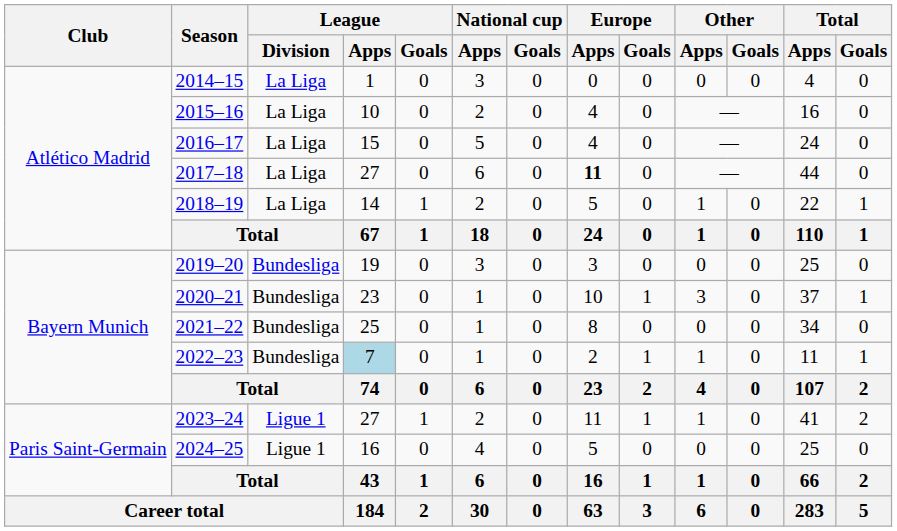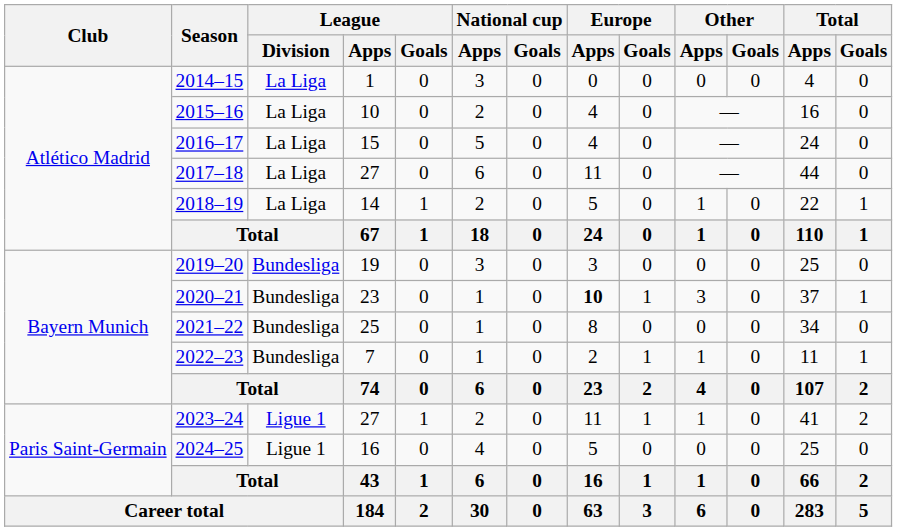 <table class="wikitable" style="text-align:center">
 <tr>
 <th rowspan="2">Club</th>
 <th rowspan="2">Season</th>
 <th colspan="3">League</th>
 <th colspan="2">National cup</th>
 <th colspan="2">Europe</th>
 <th colspan="2">Other</th>
 <th colspan="2">Total</th>
 </tr>
 <tr>
 <th>Division</th>
 <th>Apps</th>
 <th>Goals</th>
 <th>Apps</th>
 <th>Goals</th>
 <th>Apps</th>
 <th>Goals</th>
 <th>Apps</th>
 <th>Goals</th>
 <th>Apps</th>
 <th>Goals</th>
 </tr>
 <tr>
 <td rowspan="6"><a href='#'>Atlético Madrid</a></td>
 <td><a href='#'>2014–15</a></td>
 <td><a href='#'>La Liga</a></td>
 <td>1</td>
 <td>0</td>
 <td>3</td>
 <td>0</td>
 <td>0</td>
 <td>0</td>
 <td>0</td>
 <td>0</td>
 <td>4</td>
 <td>0</td>
 </tr>
 <tr>
 <td><a href='#'>2015–16</a></td>
 <td>La Liga</td>
 <td>10</td>
 <td>0</td>
 <td>2</td>
 <td>0</td>
 <td>4</td>
 <td>0</td>
 <td colspan="2">—</td>
 <td>16</td>
 <td>0</td>
 </tr>
 <tr>
 <td><a href='#'>2016–17</a></td>
 <td>La Liga</td>
 <td>15</td>
 <td>0</td>
 <td>5</td>
 <td>0</td>
 <td>4</td>
 <td>0</td>
 <td colspan="2">—</td>
 <td>24</td>
 <td>0</td>
 </tr>
 <tr>
 <td><a href='#'>2017–18</a></td>
 <td>La Liga</td>
 <td>27</td>
 <td>0</td>
 <td>6</td>
 <td>0</td>
-<td><strong>11</strong></td>
+<td>11</td>
 <td>0</td>
 <td colspan="2">—</td>
 <td>44</td>
 <td>0</td>
 </tr>
 <tr>
 <td><a href='#'>2018–19</a></td>
 <td>La Liga</td>
 <td>14</td>
 <td>1</td>
 <td>2</td>
 <td>0</td>
 <td>5</td>
 <td>0</td>
 <td>1</td>
 <td>0</td>
 <td>22</td>
 <td>1</td>
 </tr>
 <tr>
 <th colspan="2">Total</th>
 <th>67</th>
 <th>1</th>
 <th>18</th>
 <th>0</th>
 <th>24</th>
 <th>0</th>
 <th>1</th>
 <th>0</th>
 <th>110</th>
 <th>1</th>
 </tr>
 <tr>
 <td rowspan="5"><a href='#'>Bayern Munich</a></td>
 <td><a href='#'>2019–20</a></td>
 <td><a href='#'>Bundesliga</a></td>
 <td>19</td>
 <td>0</td>
 <td>3</td>
 <td>0</td>
 <td>3</td>
 <td>0</td>
 <td>0</td>
 <td>0</td>
 <td>25</td>
 <td>0</td>
 </tr>
 <tr>
 <td><a href='#'>2020–21</a></td>
 <td>Bundesliga</td>
 <td>23</td>
 <td>0</td>
 <td>1</td>
 <td>0</td>
-<td>10</td>
+<td><strong>10</strong></td>
 <td>1</td>
 <td>3</td>
 <td>0</td>
 <td>37</td>
 <td>1</td>
 </tr>
 <tr>
 <td><a href='#'>2021–22</a></td>
 <td>Bundesliga</td>
 <td>25</td>
 <td>0</td>
 <td>1</td>
 <td>0</td>
 <td>8</td>
 <td>0</td>
 <td>0</td>
 <td>0</td>
 <td>34</td>
 <td>0</td>
 </tr>
 <tr>
 <td><a href='#'>2022–23</a></td>
 <td>Bundesliga</td>
-<td style="background: lightblue;">7</td>
+<td>7</td>
 <td>0</td>
 <td>1</td>
 <td>0</td>
 <td>2</td>
 <td>1</td>
 <td>1</td>
 <td>0</td>
 <td>11</td>
 <td>1</td>
 </tr>
 <tr>
 <th colspan="2">Total</th>
 <th>74</th>
 <th>0</th>
 <th>6</th>
 <th>0</th>
 <th>23</th>
 <th>2</th>
 <th>4</th>
 <th>0</th>
 <th>107</th>
 <th>2</th>
 </tr>
 <tr>
 <td rowspan="3"><a href='#'>Paris Saint-Germain</a></td>
 <td><a href='#'>2023–24</a></td>
 <td><a href='#'>Ligue 1</a></td>
 <td>27</td>
 <td>1</td>
 <td>2</td>
 <td>0</td>
 <td>11</td>
 <td>1</td>
 <td>1</td>
 <td>0</td>
 <td>41</td>
 <td>2</td>
 </tr>
 <tr>
 <td><a href='#'>2024–25</a></td>
 <td>Ligue 1</td>
 <td>16</td>
 <td>0</td>
 <td>4</td>
 <td>0</td>
 <td>5</td>
 <td>0</td>
 <td>0</td>
 <td>0</td>
 <td>25</td>
 <td>0</td>
 </tr>
 <tr>
 <th colspan="2">Total</th>
 <th>43</th>
 <th>1</th>
 <th>6</th>
 <th>0</th>
 <th>16</th>
 <th>1</th>
 <th>1</th>
 <th>0</th>
 <th>66</th>
 <th>2</th>
 </tr>
 <tr>
 <th colspan="3">Career total</th>
 <th>184</th>
 <th>2</th>
 <th>30</th>
 <th>0</th>
 <th>63</th>
 <th>3</th>
 <th>6</th>
 <th>0</th>
 <th>283</th>
 <th>5</th>
 </tr>
 </table>
